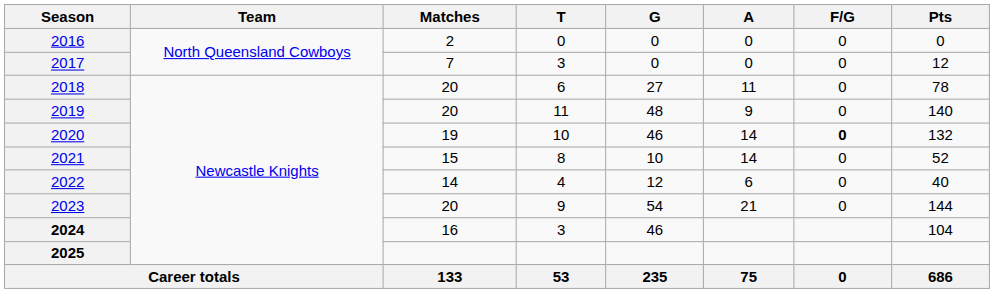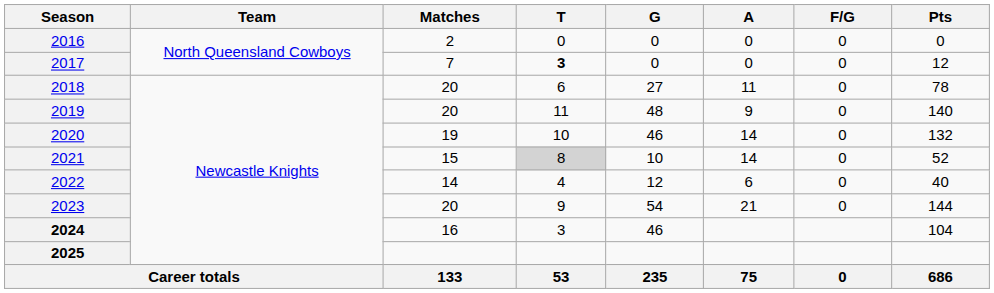 <table class="wikitable sortable"  style="font-size:90%; text-align:center; width:75%;">
 <tr>
 <th width=2%>Season</th>
 <th width=5%>Team</th>
 <th width=2%>Matches</th>
 <th width=2%>T</th>
 <th width=2%>G</th>
 <th width=2%>A</th>
 <th width=2%>F/G</th>
 <th width=2%>Pts</th>
 </tr>
 <tr>
 <th scope="row" style="text-align:center; font-weight:normal"><a href='#'>2016</a></th>
 <td rowspan="2"> <a href='#'>North Queensland Cowboys</a></td>
 <td>2</td>
 <td>0</td>
 <td>0</td>
 <td>0</td>
 <td>0</td>
 <td>0</td>
 </tr>
 <tr>
 <th scope="row" style="text-align:center; font-weight:normal"><a href='#'>2017</a></th>
 <td>7</td>
-<td>3</td>
+<td><strong>3</strong></td>
 <td>0</td>
 <td>0</td>
 <td>0</td>
 <td>12</td>
 </tr>
 <tr>
 <th scope="row" style="text-align:center; font-weight:normal"><a href='#'>2018</a></th>
 <td rowspan="8">  <a href='#'>Newcastle Knights</a></td>
 <td>20</td>
 <td>6</td>
 <td>27</td>
 <td>11</td>
 <td>0</td>
 <td>78</td>
 </tr>
 <tr>
 <th scope="row" style="text-align:center; font-weight:normal"><a href='#'>2019</a></th>
 <td>20</td>
 <td>11</td>
 <td>48</td>
 <td>9</td>
 <td>0</td>
 <td>140</td>
 </tr>
 <tr>
 <th scope="row" style="text-align:center; font-weight:normal"><a href='#'>2020</a></th>
 <td>19</td>
 <td>10</td>
 <td>46</td>
 <td>14</td>
-<td><strong>0</strong></td>
+<td>0</td>
 <td>132</td>
 </tr>
 <tr>
 <th scope="row" style="text-align:center; font-weight:normal"><a href='#'>2021</a></th>
 <td>15</td>
-<td>8</td>
+<td style="background: lightgrey;">8</td>
 <td>10</td>
 <td>14</td>
 <td>0</td>
 <td>52</td>
 </tr>
 <tr>
 <th scope="row" style="text-align:center; font-weight:normal"><a href='#'>2022</a></th>
 <td>14</td>
 <td>4</td>
 <td>12</td>
 <td>6</td>
 <td>0</td>
 <td>40</td>
 </tr>
 <tr>
 <th scope="row" style="text-align:center; font-weight:normal"><a href='#'>2023</a></th>
 <td>20</td>
 <td>9</td>
 <td>54</td>
 <td>21</td>
 <td>0</td>
 <td>144</td>
 </tr>
 <tr>
 <th>2024</th>
 <td>16</td>
 <td>3</td>
 <td>46</td>
 <td></td>
 <td></td>
 <td>104</td>
 </tr>
 <tr>
 <th>2025</th>
 <td></td>
 <td></td>
 <td></td>
 <td></td>
 <td></td>
 <td></td>
 </tr>
 <tr class="sortbottom">
 <th colspan="2">Career totals</th>
 <th>133</th>
 <th>53</th>
 <th>235</th>
 <th>75</th>
 <th>0</th>
 <th>686</th>
 </tr>
 </table>
